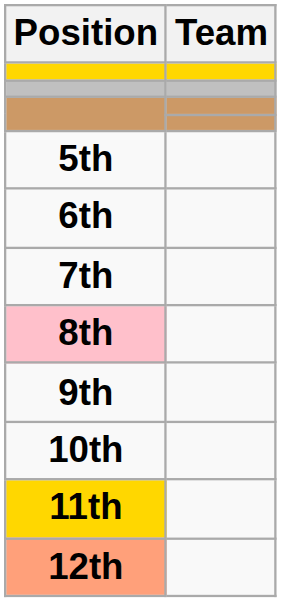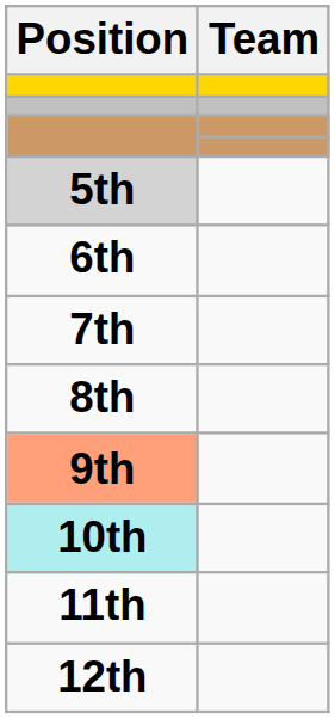 <table class="wikitable" style="text-align: center;">
 <tr>
 <th>Position</th>
 <th>Team</th>
 </tr>
 <tr style="background:gold;">
 <td><strong></strong></td>
 <td align=left></td>
 </tr>
 <tr style="background:silver;">
 <td><strong></strong></td>
 <td align=left></td>
 </tr>
 <tr style="background:#c96;">
 <td rowspan=2><strong></strong></td>
 <td align=left></td>
 </tr>
 <tr style="background:#c96;">
 <td align=left></td>
 </tr>
 <tr>
-<td><strong>5th</strong></td>
+<td style="background: lightgrey;"><strong>5th</strong></td>
 <td align=left></td>
 </tr>
 <tr>
 <td><strong>6th</strong></td>
 <td align=left></td>
 </tr>
 <tr>
 <td><strong>7th</strong></td>
 <td align=left></td>
 </tr>
 <tr>
-<td style="background: pink;"><strong>8th</strong></td>
+<td><strong>8th</strong></td>
 <td align=left></td>
 </tr>
 <tr>
-<td><strong>9th</strong></td>
+<td style="background: lightsalmon;"><strong>9th</strong></td>
 <td align=left></td>
 </tr>
 <tr>
-<td><strong>10th</strong></td>
+<td style="background: paleturquoise;"><strong>10th</strong></td>
 <td align=left></td>
 </tr>
 <tr>
-<td style="background: gold;"><strong>11th</strong></td>
+<td><strong>11th</strong></td>
 <td align=left></td>
 </tr>
 <tr>
-<td style="background: lightsalmon;"><strong>12th</strong></td>
+<td><strong>12th</strong></td>
 <td align=left></td>
 </tr>
 </table>
